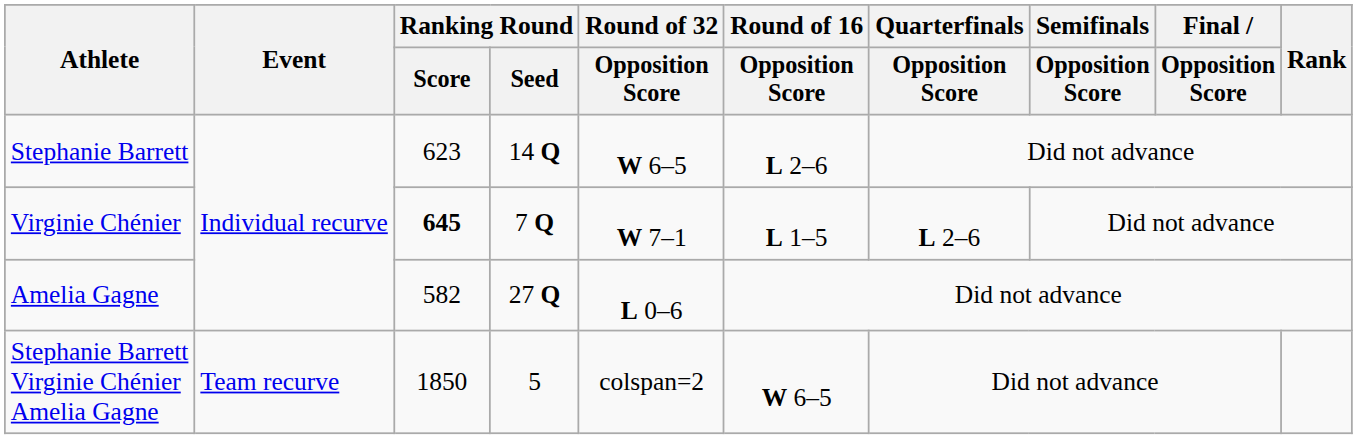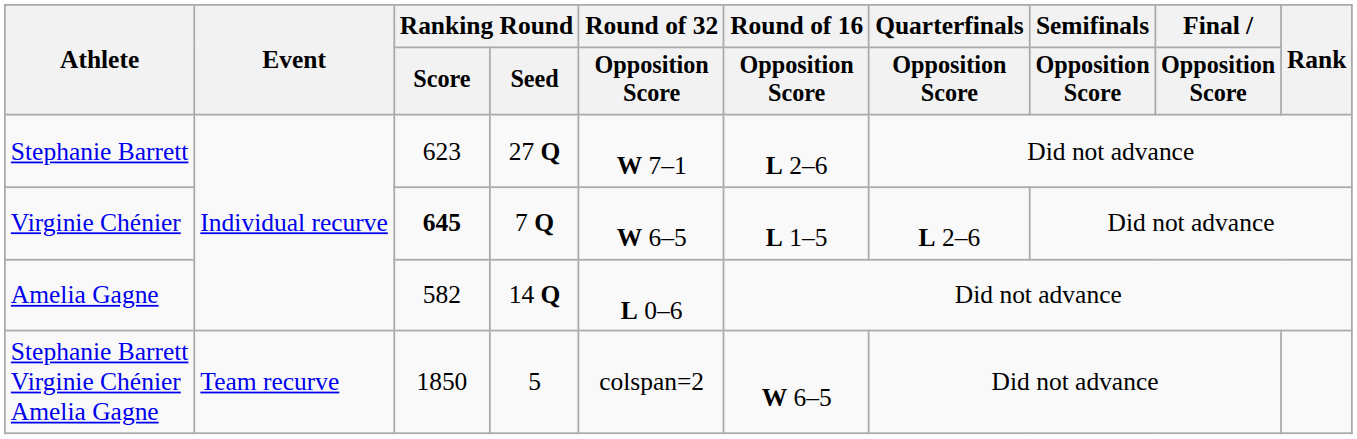 <table class="wikitable" style="font-size:90%">
 <tr>
 <th rowspan=2>Athlete</th>
 <th rowspan=2>Event</th>
 <th colspan=2>Ranking Round</th>
 <th>Round of 32</th>
 <th>Round of 16</th>
 <th>Quarterfinals</th>
 <th>Semifinals</th>
 <th>Final / </th>
 <th rowspan=2>Rank</th>
 </tr>
 <tr style="font-size:95%">
 <th>Score</th>
 <th>Seed</th>
 <th>Opposition<br>Score</th>
 <th>Opposition<br>Score</th>
 <th>Opposition<br>Score</th>
 <th>Opposition<br>Score</th>
 <th>Opposition<br>Score</th>
 </tr>
 <tr align=center>
 <td align=left><a href='#'>Stephanie Barrett</a></td>
 <td align=left rowspan=3><a href='#'>Individual recurve</a></td>
 <td>623</td>
-<td>14 <strong>Q</strong></td>
-<td><br><strong>W</strong> 6–5</td>
+<td>27 <strong>Q</strong></td>
+<td><br><strong>W</strong> 7–1</td>
 <td><br><strong>L</strong> 2–6</td>
 <td colspan=4>Did not advance</td>
 </tr>
 <tr align=center>
 <td align=left><a href='#'>Virginie Chénier</a></td>
 <td><strong>645</strong></td>
 <td>7 <strong>Q</strong></td>
-<td><br><strong>W</strong> 7–1</td>
+<td><br><strong>W</strong> 6–5</td>
 <td><br><strong>L</strong> 1–5</td>
 <td><br><strong>L</strong> 2–6</td>
 <td colspan=3>Did not advance</td>
 </tr>
 <tr align=center>
 <td align=left><a href='#'>Amelia Gagne</a></td>
 <td>582</td>
-<td>27 <strong>Q</strong></td>
+<td>14 <strong>Q</strong></td>
 <td><br><strong>L</strong> 0–6</td>
 <td colspan=5>Did not advance</td>
 </tr>
 <tr align=center>
 <td align=left><a href='#'>Stephanie Barrett</a><br><a href='#'>Virginie Chénier</a><br><a href='#'>Amelia Gagne</a></td>
 <td align=left><a href='#'>Team recurve</a></td>
 <td>1850</td>
 <td>5</td>
 <td>colspan=2 </td>
 <td><br><strong>W</strong> 6–5</td>
 <td colspan=3>Did not advance</td>
 </tr>
 </table>
